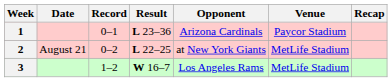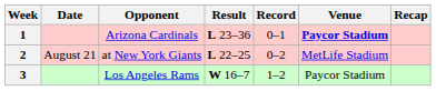 <table class="wikitable" style="text-align:center">
 <tr>
 <th>Week</th>
 <th>Date</th>
+<th>Opponent</th>
+<th>Result</th>
 <th>Record</th>
-<th>Result</th>
-<th>Opponent</th>
 <th>Venue</th>
 <th>Recap</th>
 </tr>
 <tr style="background:#fcc">
 <th>1</th>
 <td></td>
+<td><a href='#'>Arizona Cardinals</a></td>
+<td><strong>L</strong> 23–36</td>
 <td>0–1</td>
-<td><strong>L</strong> 23–36</td>
-<td><a href='#'>Arizona Cardinals</a></td>
-<td><a href='#'>Paycor Stadium</a></td>
+<td><strong><a href='#'>Paycor Stadium</a></strong></td>
 <td></td>
 </tr>
 <tr style="background:#fcc">
 <th>2</th>
 <td>August 21</td>
+<td>at <a href='#'>New York Giants</a></td>
+<td><strong>L</strong> 22–25</td>
 <td>0–2</td>
-<td><strong>L</strong> 22–25</td>
-<td>at <a href='#'>New York Giants</a></td>
 <td><a href='#'>MetLife Stadium</a></td>
 <td></td>
 </tr>
 <tr style="background:#cfc">
 <th>3</th>
 <td></td>
+<td><a href='#'>Los Angeles Rams</a></td>
+<td><strong>W</strong> 16–7</td>
 <td>1–2</td>
-<td><strong>W</strong> 16–7</td>
-<td><a href='#'>Los Angeles Rams</a></td>
-<td><a href='#'>MetLife Stadium</a></td>
+<td>Paycor Stadium</td>
 <td></td>
 </tr>
 </table>
